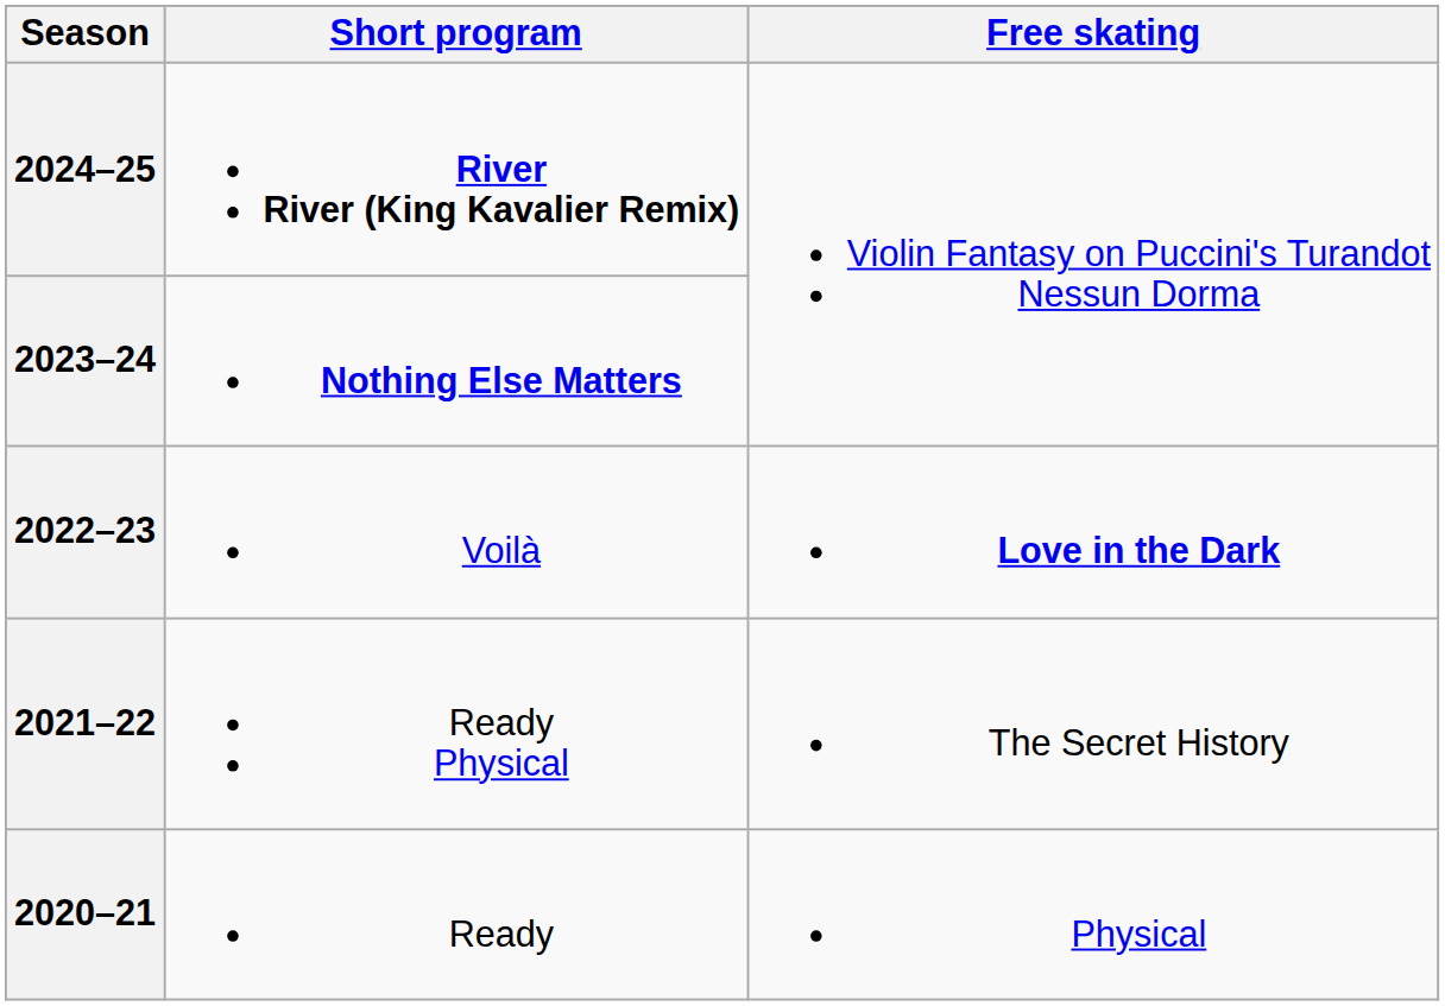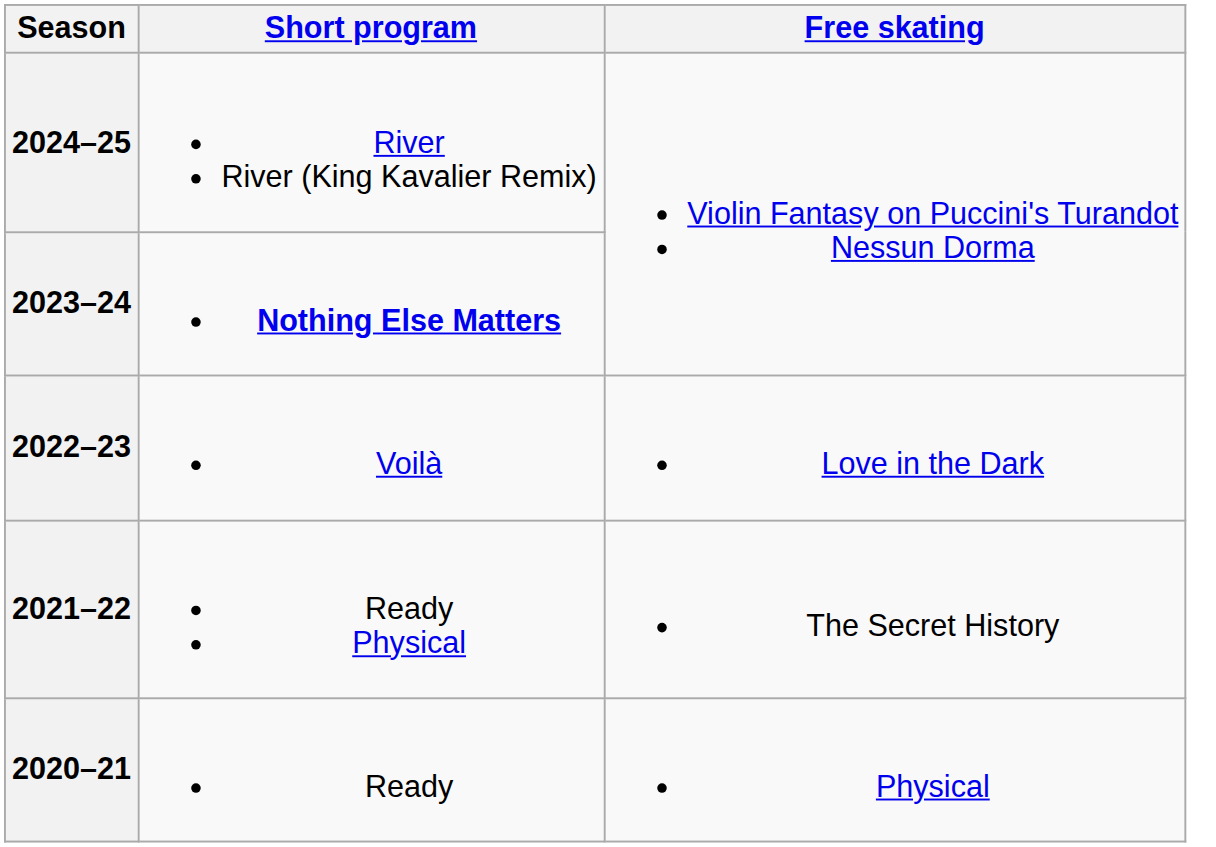 <table class=wikitable style=text-align:center>
 <tr>
 <th>Season</th>
 <th><a href='#'>Short program</a></th>
 <th><a href='#'>Free skating</a></th>
 </tr>
 <tr>
 <th>2024–25 <br> </th>
-<td><strong><br><ul><li><a href='#'>River</a></li><li>River (King Kavalier Remix) <br> </li></ul></strong></td>
+<td><br><ul><li><a href='#'>River</a></li><li>River (King Kavalier Remix) <br> </li></ul></td>
 <td rowspan=2><br><ul><li><a href='#'>Violin Fantasy on Puccini's Turandot</a> <br> </li><li><a href='#'>Nessun Dorma</a> <br> </li></ul></td>
 </tr>
 <tr>
 <th>2023–24 <br> </th>
 <td><strong><br><ul><li><a href='#'>Nothing Else Matters</a> <br> </li></ul></strong></td>
 </tr>
 <tr>
 <th>2022–23 <br> </th>
 <td><br><ul><li><a href='#'>Voilà</a> <br></li></ul></td>
-<td><strong><br><ul><li><a href='#'>Love in the Dark</a> <br></li></ul></strong></td>
+<td><br><ul><li><a href='#'>Love in the Dark</a> <br></li></ul></td>
 </tr>
 <tr>
 <th>2021–22 <br> </th>
 <td><br><ul><li>Ready <br></li><li><a href='#'>Physical</a> <br></li></ul></td>
 <td><br><ul><li>The Secret History <br></li></ul></td>
 </tr>
 <tr>
 <th>2020–21 <br> </th>
 <td><br><ul><li>Ready <br></li></ul></td>
 <td><br><ul><li><a href='#'>Physical</a> <br></li></ul></td>
 </tr>
 </table>
